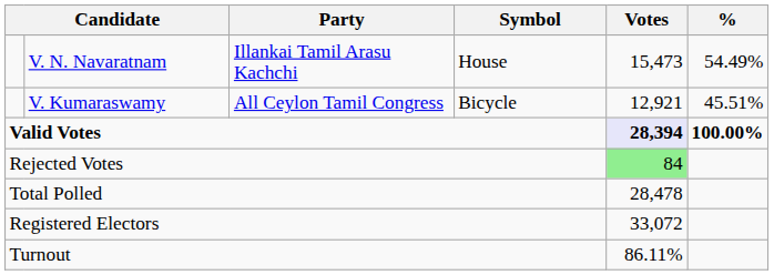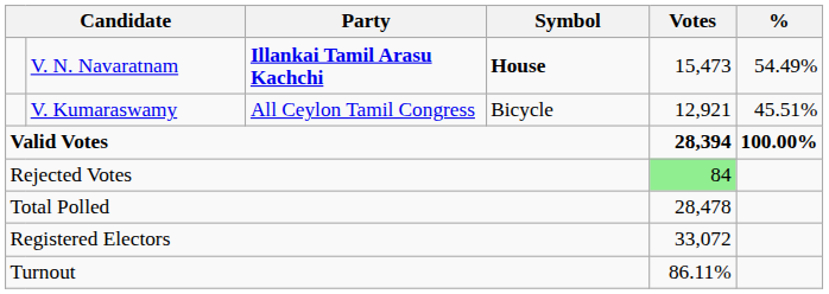 <table class="wikitable" border="1" style="text-align:right;">
 <tr>
 <th align=left colspan=2 width="180">Candidate</th>
 <th align=left width="180">Party</th>
 <th align=left width="120">Symbol</th>
 <th align=left width="60">Votes</th>
 <th align=left width="60">%</th>
 </tr>
 <tr>
 <td bgcolor=> </td>
 <td align=left><a href='#'>V. N. Navaratnam</a></td>
-<td align=left><a href='#'>Illankai Tamil Arasu Kachchi</a></td>
-<td align=left>House</td>
+<td align=left><strong><a href='#'>Illankai Tamil Arasu Kachchi</a></strong></td>
+<td align=left><strong>House</strong></td>
 <td>15,473</td>
 <td>54.49%</td>
 </tr>
 <tr>
 <td bgcolor=> </td>
 <td align=left><a href='#'>V. Kumaraswamy</a></td>
 <td align=left><a href='#'>All Ceylon Tamil Congress</a></td>
 <td align=left>Bicycle</td>
 <td>12,921</td>
 <td>45.51%</td>
 </tr>
 <tr>
 <td align=left colspan=4><strong>Valid Votes</strong></td>
-<td style="background: lavender;"><strong>28,394</strong></td>
+<td><strong>28,394</strong></td>
 <td><strong>100.00%</strong></td>
 </tr>
 <tr>
 <td align=left colspan=4>Rejected Votes</td>
 <td style="background: lightgreen;">84</td>
 <td></td>
 </tr>
 <tr>
 <td align=left colspan=4>Total Polled</td>
 <td>28,478</td>
 <td></td>
 </tr>
 <tr>
 <td align=left colspan=4>Registered Electors</td>
 <td>33,072</td>
 <td></td>
 </tr>
 <tr>
 <td align=left colspan=4>Turnout</td>
 <td>86.11%</td>
 </tr>
 </table>
